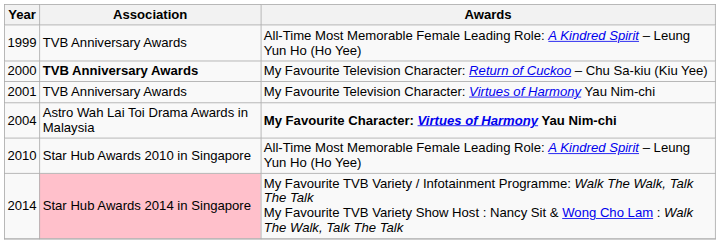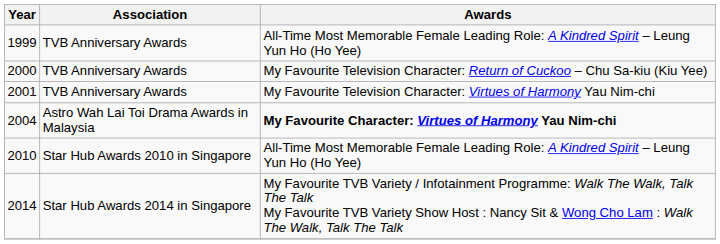 <table class="wikitable">
 <tr>
 <th>Year</th>
 <th>Association</th>
 <th>Awards</th>
 </tr>
 <tr>
 <td>1999</td>
 <td>TVB Anniversary Awards</td>
 <td>All-Time Most Memorable Female Leading Role: <em><a href='#'>A Kindred Spirit</a></em> – Leung Yun Ho (Ho Yee)</td>
 </tr>
 <tr>
 <td>2000</td>
-<td><strong>TVB Anniversary Awards</strong></td>
+<td>TVB Anniversary Awards</td>
 <td>My Favourite Television Character: <em><a href='#'>Return of Cuckoo</a></em> – Chu Sa-kiu (Kiu Yee)</td>
 </tr>
 <tr>
 <td>2001</td>
 <td>TVB Anniversary Awards</td>
 <td>My Favourite Television Character: <em><a href='#'>Virtues of Harmony</a></em> Yau Nim-chi</td>
 </tr>
 <tr>
 <td>2004</td>
 <td>Astro Wah Lai Toi Drama Awards in Malaysia</td>
 <td><strong>My Favourite Character: <em><a href='#'>Virtues of Harmony</a></em> Yau Nim-chi</strong></td>
 </tr>
 <tr>
 <td>2010</td>
 <td>Star Hub Awards 2010 in Singapore</td>
 <td>All-Time Most Memorable Female Leading Role: <em><a href='#'>A Kindred Spirit</a></em> – Leung Yun Ho (Ho Yee)</td>
 </tr>
 <tr>
 <td>2014</td>
-<td style="background: pink;">Star Hub Awards 2014 in Singapore</td>
+<td>Star Hub Awards 2014 in Singapore</td>
 <td>My Favourite TVB Variety / Infotainment Programme: <em>Walk The Walk, Talk The Talk</em><br>My Favourite TVB Variety Show Host : Nancy Sit & <a href='#'>Wong Cho Lam</a> : <em>Walk The Walk, Talk The Talk</em></td>
 </tr>
 <tr>
 </tr>
 </table>
